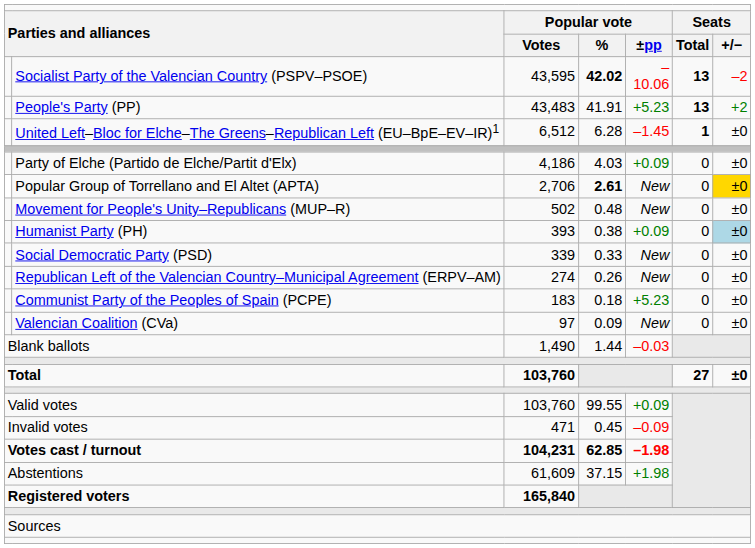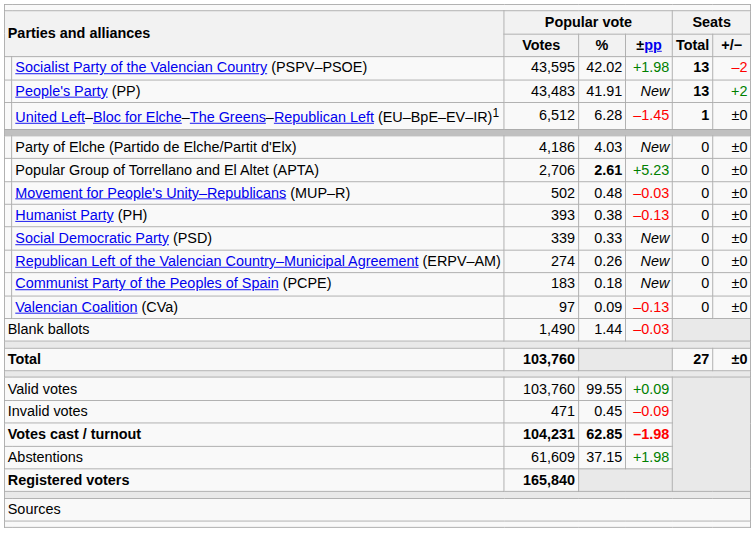 <table class="wikitable" style="text-align:right;">
 <tr>
 <td colspan="7"></td>
 </tr>
 <tr>
 <th style="text-align:left;" rowspan="2" colspan="2" width="525">Parties and alliances</th>
 <th colspan="3">Popular vote</th>
 <th colspan="2">Seats</th>
 </tr>
 <tr>
 <th width="75">Votes</th>
 <th width="45">%</th>
 <th width="45">±<a href='#'>pp</a></th>
 <th width="35">Total</th>
 <th width="35">+/−</th>
 </tr>
 <tr>
 <td width="1" style="color:inherit;background:"></td>
 <td align="left"><a href='#'>Socialist Party of the Valencian Country</a> (PSPV–PSOE)</td>
 <td>43,595</td>
-<td><strong>42.02</strong></td>
-<td style="color:red;">–10.06</td>
+<td>42.02</td>
+<td style="color:green;">+1.98</td>
 <td><strong>13</strong></td>
 <td style="color:red;">–2</td>
 </tr>
 <tr>
 <td style="color:inherit;background:"></td>
 <td align="left"><a href='#'>People's Party</a> (PP)</td>
 <td>43,483</td>
 <td>41.91</td>
-<td style="color:green;">+5.23</td>
+<td><em>New</em></td>
 <td><strong>13</strong></td>
 <td style="color:green;">+2</td>
 </tr>
 <tr>
 <td style="color:inherit;background:"></td>
 <td align="left"><a href='#'>United Left</a>–<a href='#'>Bloc for Elche</a>–<a href='#'>The Greens</a>–<a href='#'>Republican Left</a> (EU–BpE–EV–IR)<sup>1</sup></td>
 <td>6,512</td>
 <td>6.28</td>
 <td style="color:red;">–1.45</td>
 <td><strong>1</strong></td>
 <td>±0</td>
 </tr>
 <tr>
 <td colspan="7" bgcolor="#C0C0C0"></td>
 </tr>
 <tr>
 <td style="color:inherit;background:"></td>
 <td align="left">Party of Elche (Partido de Elche/Partit d'Elx)</td>
 <td>4,186</td>
 <td>4.03</td>
-<td style="color:green;">+0.09</td>
+<td><em>New</em></td>
 <td>0</td>
 <td>±0</td>
 </tr>
 <tr>
 <td bgcolor="white"></td>
 <td align="left">Popular Group of Torrellano and El Altet (APTA)</td>
 <td>2,706</td>
 <td><strong>2.61</strong></td>
-<td><em>New</em></td>
+<td style="color:green;">+5.23</td>
 <td>0</td>
-<td style="background: gold;">±0</td>
+<td>±0</td>
 </tr>
 <tr>
 <td style="color:inherit;background:"></td>
 <td align="left"><a href='#'>Movement for People's Unity–Republicans</a> (MUP–R)</td>
 <td>502</td>
 <td>0.48</td>
-<td><em>New</em></td>
+<td style="color:red;">–0.03</td>
 <td>0</td>
 <td>±0</td>
 </tr>
 <tr>
 <td style="color:inherit;background:"></td>
 <td align="left"><a href='#'>Humanist Party</a> (PH)</td>
 <td>393</td>
 <td>0.38</td>
-<td style="color:green;">+0.09</td>
+<td style="color:red;">–0.13</td>
 <td>0</td>
-<td style="background: lightblue;">±0</td>
+<td>±0</td>
 </tr>
 <tr>
 <td style="color:inherit;background:"></td>
 <td align="left"><a href='#'>Social Democratic Party</a> (PSD)</td>
 <td>339</td>
 <td>0.33</td>
 <td><em>New</em></td>
 <td>0</td>
 <td>±0</td>
 </tr>
 <tr>
 <td style="color:inherit;background:"></td>
 <td align="left"><a href='#'>Republican Left of the Valencian Country–Municipal Agreement</a> (ERPV–AM)</td>
 <td>274</td>
 <td>0.26</td>
 <td><em>New</em></td>
 <td>0</td>
 <td>±0</td>
 </tr>
 <tr>
 <td style="color:inherit;background:"></td>
 <td align="left"><a href='#'>Communist Party of the Peoples of Spain</a> (PCPE)</td>
 <td>183</td>
 <td>0.18</td>
-<td style="color:green;">+5.23</td>
+<td><em>New</em></td>
 <td>0</td>
 <td>±0</td>
 </tr>
 <tr>
 <td style="color:inherit;background:"></td>
 <td align="left"><a href='#'>Valencian Coalition</a> (CVa)</td>
 <td>97</td>
 <td>0.09</td>
-<td><em>New</em></td>
+<td style="color:red;">–0.13</td>
 <td>0</td>
 <td>±0</td>
 </tr>
 <tr>
 <td align="left" colspan="2">Blank ballots</td>
 <td>1,490</td>
 <td>1.44</td>
 <td style="color:red;">–0.03</td>
 <td bgcolor="#E9E9E9" colspan="2"></td>
 </tr>
 <tr>
 <td colspan="7" bgcolor="#E9E9E9"></td>
 </tr>
 <tr style="font-weight:bold;">
 <td align="left" colspan="2">Total</td>
 <td>103,760</td>
 <td bgcolor="#E9E9E9" colspan="2"></td>
 <td>27</td>
 <td>±0</td>
 </tr>
 <tr>
 <td colspan="7" bgcolor="#E9E9E9"></td>
 </tr>
 <tr>
 <td align="left" colspan="2">Valid votes</td>
 <td>103,760</td>
 <td>99.55</td>
 <td style="color:green;">+0.09</td>
 <td bgcolor="#E9E9E9" colspan="2" rowspan="5"></td>
 </tr>
 <tr>
 <td align="left" colspan="2">Invalid votes</td>
 <td>471</td>
 <td>0.45</td>
 <td style="color:red;">–0.09</td>
 </tr>
 <tr style="font-weight:bold;">
 <td align="left" colspan="2">Votes cast / turnout</td>
 <td>104,231</td>
 <td>62.85</td>
 <td style="color:red;">–1.98</td>
 </tr>
 <tr>
 <td align="left" colspan="2">Abstentions</td>
 <td>61,609</td>
 <td>37.15</td>
 <td style="color:green;">+1.98</td>
 </tr>
 <tr style="font-weight:bold;">
 <td align="left" colspan="2">Registered voters</td>
 <td>165,840</td>
 <td bgcolor="#E9E9E9" colspan="2"></td>
 </tr>
 <tr>
 <td colspan="7" bgcolor="#E9E9E9"></td>
 </tr>
 <tr>
 <td align="left" colspan="7">Sources</td>
 </tr>
 <tr>
 <td colspan="7" style="text-align:left; max-width:790px;"></td>
 </tr>
 </table>
